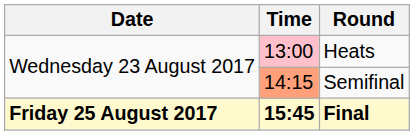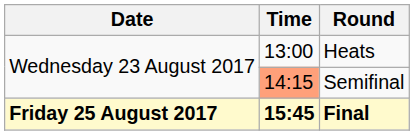 <table class="wikitable">
 <tr>
 <th>Date</th>
 <th>Time</th>
 <th>Round</th>
 </tr>
 <tr>
 <td rowspan=2>Wednesday 23 August 2017</td>
-<td style="background: pink;">13:00</td>
+<td>13:00</td>
 <td>Heats</td>
 </tr>
 <tr>
 <td style="background: lightsalmon;">14:15</td>
 <td>Semifinal</td>
 </tr>
 <tr>
 <td style=background:lemonchiffon><strong>Friday 25 August 2017</strong></td>
 <td style=background:lemonchiffon><strong>15:45</strong></td>
 <td style=background:lemonchiffon><strong>Final</strong></td>
 </tr>
 </table>
